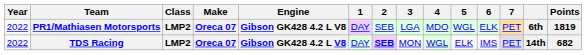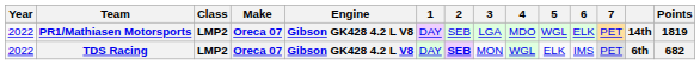 <table class="wikitable" style="text-align:center; font-size:85%">
 <tr>
 <th>Year</th>
 <th>Team</th>
 <th>Class</th>
 <th>Make</th>
 <th>Engine</th>
 <th>1</th>
 <th>2</th>
 <th>3</th>
 <th>4</th>
 <th>5</th>
 <th>6</th>
 <th>7</th>
 <th></th>
 <th>Points</th>
 </tr>
 <tr>
 <td><a href='#'>2022</a></td>
 <th nowrap><a href='#'>PR1/Mathiasen Motorsports</a></th>
 <th>LMP2</th>
 <th nowrap><a href='#'>Oreca 07</a></th>
 <th nowrap><a href='#'>Gibson</a> GK428 4.2 L V8</th>
 <td style="background:#EFCFFF;"><a href='#'>DAY</a><br></td>
 <td style="background:#DFFFDF;"><a href='#'>SEB</a><br></td>
 <td style="background:#DFFFDF;"><a href='#'>LGA</a><br></td>
 <td style="background:#DFFFDF;"><a href='#'>MDO</a><br></td>
 <td style="background:#DFFFDF;"><a href='#'>WGL</a><br></td>
 <td style="background:#DFFFDF;"><a href='#'>ELK</a><br></td>
 <td style="background:#FFDF9F;"><a href='#'>PET</a><br></td>
-<th>6th</th>
+<th>14th</th>
 <th>1819</th>
 </tr>
 <tr>
 <td><a href='#'>2022</a></td>
 <th nowrap><a href='#'>TDS Racing</a></th>
 <th>LMP2</th>
 <th nowrap><a href='#'>Oreca 07</a></th>
 <th nowrap><a href='#'>Gibson</a> GK428 4.2 L <a href='#'>V8</a></th>
 <td style="background:#DFFFDF;"><a href='#'>DAY</a><br></td>
 <td style="background:#EFCFFF;"><strong><a href='#'>SEB</a><br></strong></td>
 <td style="background:#;"><a href='#'>MON</a><br></td>
 <td style="background:#DFFFDF;"><a href='#'>WGL</a><br></td>
 <td style="background:#;"><a href='#'>ELK</a><br></td>
 <td style="background:#;"><a href='#'>IMS</a></td>
 <td style="background:#DFDFDF;”"><a href='#'>PET</a><br></td>
-<th>14th</th>
+<th>6th</th>
 <th>682</th>
 </tr>
 </table>
